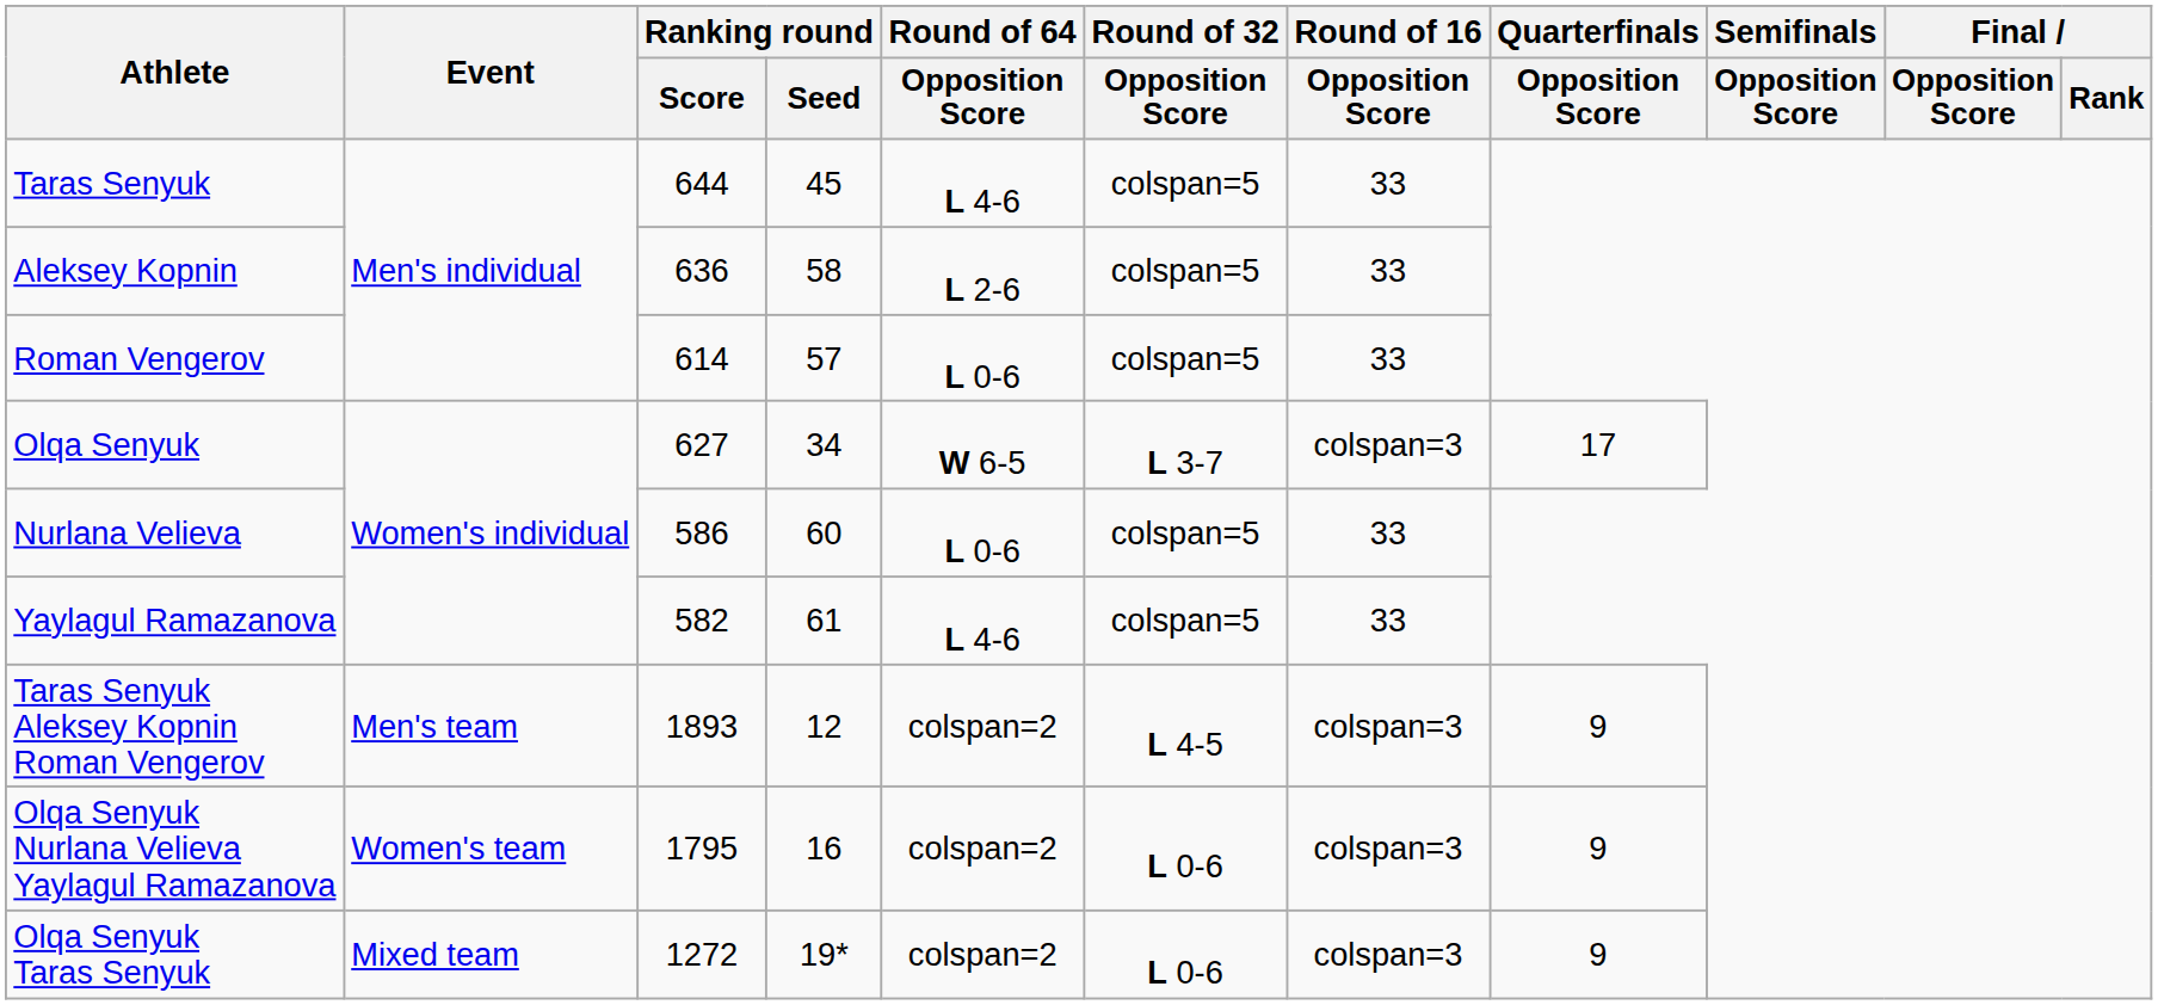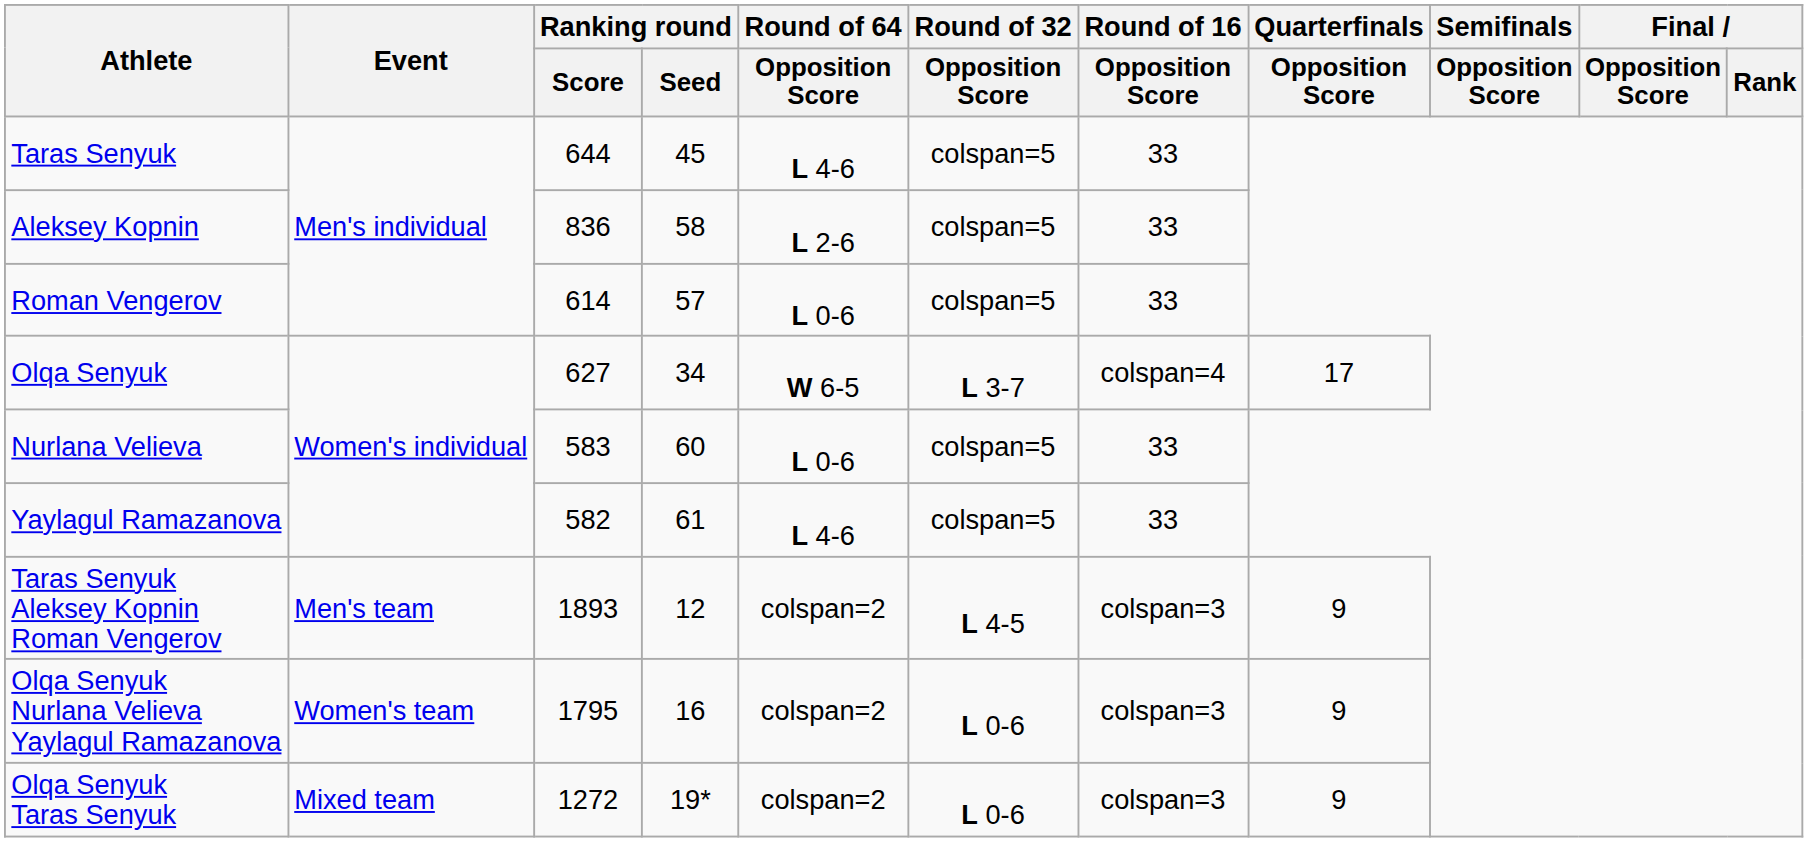 <table class="wikitable" style="font-size:90%">
 <tr>
 <th rowspan=2>Athlete</th>
 <th rowspan=2>Event</th>
 <th colspan=2>Ranking round</th>
 <th>Round of 64</th>
 <th>Round of 32</th>
 <th>Round of 16</th>
 <th>Quarterfinals</th>
 <th>Semifinals</th>
 <th colspan=2>Final / </th>
 </tr>
 <tr style="font-size:95%">
 <th>Score</th>
 <th>Seed</th>
 <th>Opposition<br>Score</th>
 <th>Opposition<br>Score</th>
 <th>Opposition<br>Score</th>
 <th>Opposition<br>Score</th>
 <th>Opposition<br>Score</th>
 <th>Opposition<br>Score</th>
 <th>Rank</th>
 </tr>
 <tr align=center>
 <td align=left><a href='#'>Taras Senyuk</a></td>
 <td style="text-align:left;" rowspan="3"><a href='#'>Men's individual</a></td>
 <td>644</td>
 <td>45</td>
 <td><br> <strong>L</strong> 4-6</td>
 <td>colspan=5 </td>
 <td>33</td>
 </tr>
 <tr align=center>
 <td align=left><a href='#'>Aleksey Kopnin</a></td>
-<td>636</td>
+<td>836</td>
 <td>58</td>
 <td><br> <strong>L</strong> 2-6</td>
 <td>colspan=5 </td>
 <td>33</td>
 </tr>
 <tr align=center>
 <td align=left><a href='#'>Roman Vengerov</a></td>
 <td>614</td>
 <td>57</td>
 <td><br> <strong>L</strong> 0-6</td>
 <td>colspan=5 </td>
 <td>33</td>
 </tr>
 <tr align=center>
 <td align=left><a href='#'>Olqa Senyuk</a></td>
 <td style="text-align:left;" rowspan="3"><a href='#'>Women's individual</a></td>
 <td>627</td>
 <td>34</td>
 <td><br> <strong>W</strong> 6-5</td>
 <td><br> <strong>L</strong> 3-7</td>
-<td>colspan=3 </td>
+<td>colspan=4 </td>
 <td>17</td>
 </tr>
 <tr align=center>
 <td align=left><a href='#'>Nurlana Velieva</a></td>
-<td>586</td>
+<td>583</td>
 <td>60</td>
 <td><br> <strong>L</strong> 0-6</td>
 <td>colspan=5 </td>
 <td>33</td>
 </tr>
 <tr align=center>
 <td align=left><a href='#'>Yaylagul Ramazanova</a></td>
 <td>582</td>
 <td>61</td>
 <td><br><strong>L</strong> 4-6</td>
 <td>colspan=5 </td>
 <td>33</td>
 </tr>
 <tr align=center>
 <td align=left><a href='#'>Taras Senyuk</a><br><a href='#'>Aleksey Kopnin</a><br><a href='#'>Roman Vengerov</a></td>
 <td align=left><a href='#'>Men's team</a></td>
 <td>1893</td>
 <td>12</td>
 <td>colspan=2 </td>
 <td><br> <strong>L</strong> 4-5</td>
 <td>colspan=3 </td>
 <td>9</td>
 </tr>
 <tr align=center>
 <td align=left><a href='#'>Olqa Senyuk</a><br><a href='#'>Nurlana Velieva</a><br><a href='#'>Yaylagul Ramazanova</a></td>
 <td align=left><a href='#'>Women's team</a></td>
 <td>1795</td>
 <td>16</td>
 <td>colspan=2 </td>
 <td><br> <strong>L</strong> 0-6</td>
 <td>colspan=3 </td>
 <td>9</td>
 </tr>
 <tr align=center>
 <td align=left><a href='#'>Olqa Senyuk</a><br><a href='#'>Taras Senyuk</a></td>
 <td align=left><a href='#'>Mixed team</a></td>
 <td>1272</td>
 <td>19*</td>
 <td>colspan=2 </td>
 <td><br> <strong>L</strong> 0-6</td>
 <td>colspan=3 </td>
 <td>9</td>
 </tr>
 </table>
